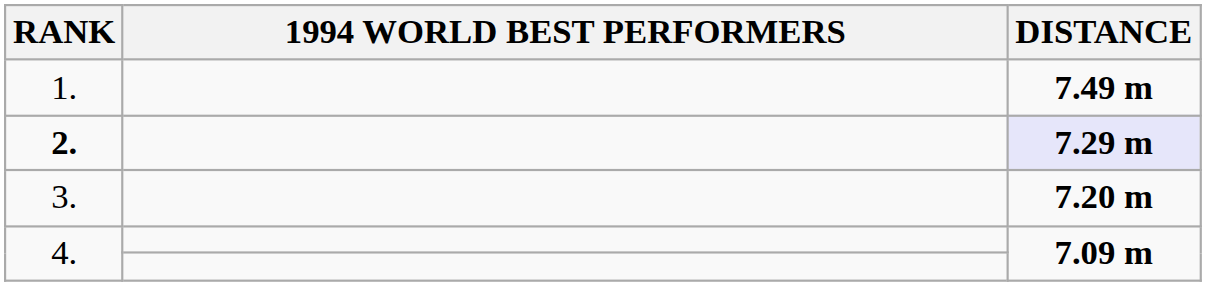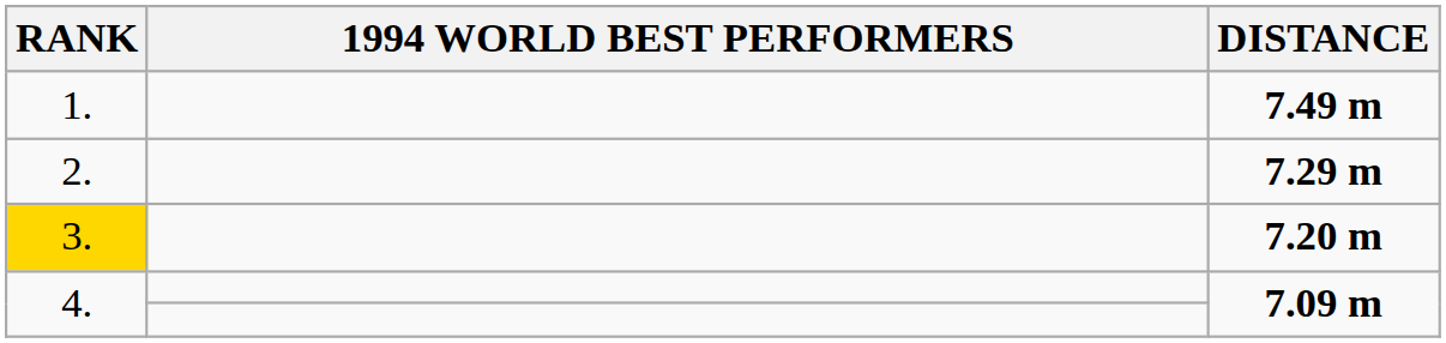 <table class=wikitable>
 <tr>
 <th>RANK</th>
 <th align="center" style="width: 25em">1994 WORLD BEST PERFORMERS</th>
 <th align="center" style="width: 5em">DISTANCE</th>
 </tr>
 <tr>
 <td align="center">1.</td>
 <td></td>
 <td align="center"><strong>7.49 m</strong></td>
 </tr>
 <tr>
-<td align="center"><strong>2.</strong></td>
+<td align="center">2.</td>
 <td></td>
-<td align="center" style="background: lavender;"><strong>7.29 m</strong></td>
+<td align="center"><strong>7.29 m</strong></td>
 </tr>
 <tr>
-<td align="center">3.</td>
+<td align="center" style="background: gold;">3.</td>
 <td></td>
 <td align="center"><strong>7.20 m</strong></td>
 </tr>
 <tr>
 <td rowspan=2 align="center">4.</td>
 <td></td>
 <td rowspan=2 align="center"><strong>7.09 m</strong></td>
 </tr>
 <tr>
 <td></td>
 </tr>
 </table>
